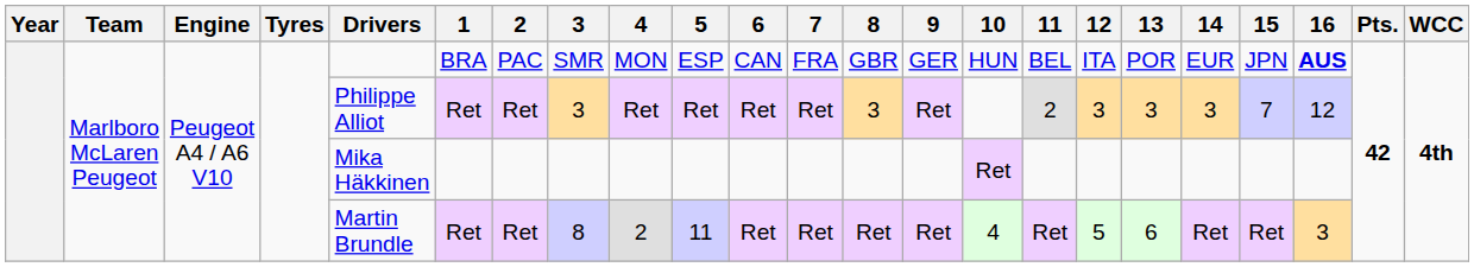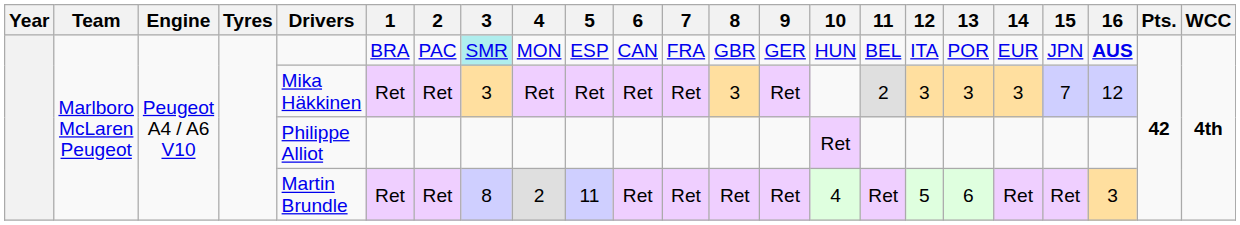 <table class="wikitable" style="text-align:center; font-size:95%">
 <tr>
 <th>Year</th>
 <th>Team</th>
 <th>Engine</th>
 <th>Tyres</th>
 <th>Drivers</th>
 <th>1</th>
 <th>2</th>
 <th>3</th>
 <th>4</th>
 <th>5</th>
 <th>6</th>
 <th>7</th>
 <th>8</th>
 <th>9</th>
 <th>10</th>
 <th>11</th>
 <th>12</th>
 <th>13</th>
 <th>14</th>
 <th>15</th>
 <th>16</th>
 <th>Pts.</th>
 <th>WCC</th>
 </tr>
 <tr>
 <th rowspan="4"></th>
 <td rowspan="4"><a href='#'>Marlboro</a> <a href='#'>McLaren</a> <a href='#'>Peugeot</a></td>
 <td rowspan="4"><a href='#'>Peugeot</a> A4 / A6<br><a href='#'>V10</a></td>
 <td rowspan="4"></td>
 <td></td>
 <td><a href='#'>BRA</a></td>
 <td><a href='#'>PAC</a></td>
-<td><a href='#'>SMR</a></td>
+<td style="background: paleturquoise;"><a href='#'>SMR</a></td>
 <td><a href='#'>MON</a></td>
 <td><a href='#'>ESP</a></td>
 <td><a href='#'>CAN</a></td>
 <td><a href='#'>FRA</a></td>
 <td><a href='#'>GBR</a></td>
 <td><a href='#'>GER</a></td>
 <td><a href='#'>HUN</a></td>
 <td><a href='#'>BEL</a></td>
 <td><a href='#'>ITA</a></td>
 <td><a href='#'>POR</a></td>
 <td><a href='#'>EUR</a></td>
 <td><a href='#'>JPN</a></td>
 <td><strong><a href='#'>AUS</a></strong></td>
 <td rowspan="4"><strong>42</strong></td>
 <td rowspan="4"><strong>4th</strong></td>
 </tr>
 <tr>
-<td align="left"><a href='#'>Philippe Alliot</a></td>
+<td align="left"><a href='#'>Mika Häkkinen</a></td>
 <td style="background:#efcfff;">Ret</td>
 <td style="background:#efcfff;">Ret</td>
 <td style="background:#ffdf9f;">3</td>
 <td style="background:#efcfff;">Ret</td>
 <td style="background:#efcfff;">Ret</td>
 <td style="background:#efcfff;">Ret</td>
 <td style="background:#efcfff;">Ret</td>
 <td style="background:#ffdf9f;">3</td>
 <td style="background:#efcfff;">Ret</td>
 <td></td>
 <td style="background:#dfdfdf;">2</td>
 <td style="background:#ffdf9f;">3</td>
 <td style="background:#ffdf9f;">3</td>
 <td style="background:#ffdf9f;">3</td>
 <td style="background:#cfcfff;">7</td>
 <td style="background:#cfcfff;">12</td>
 </tr>
 <tr>
-<td align="left"><a href='#'>Mika Häkkinen</a></td>
+<td align="left"><a href='#'>Philippe Alliot</a></td>
 <td></td>
 <td></td>
 <td></td>
 <td></td>
 <td></td>
 <td></td>
 <td></td>
 <td></td>
 <td></td>
 <td style="background:#efcfff;">Ret</td>
 <td></td>
 <td></td>
 <td></td>
 <td></td>
 <td></td>
 <td></td>
 </tr>
 <tr>
 <td align="left"><a href='#'>Martin Brundle</a></td>
 <td style="background:#efcfff;">Ret</td>
 <td style="background:#efcfff;">Ret</td>
 <td style="background:#cfcfff;">8</td>
 <td style="background:#dfdfdf;">2</td>
 <td style="background:#cfcfff;">11</td>
 <td style="background:#efcfff;">Ret</td>
 <td style="background:#efcfff;">Ret</td>
 <td style="background:#efcfff;">Ret</td>
 <td style="background:#efcfff;">Ret</td>
 <td style="background:#dfffdf;">4</td>
 <td style="background:#efcfff;">Ret</td>
 <td style="background:#dfffdf;">5</td>
 <td style="background:#dfffdf;">6</td>
 <td style="background:#efcfff;">Ret</td>
 <td style="background:#efcfff;">Ret</td>
 <td style="background:#ffdf9f;">3</td>
 </tr>
 </table>
